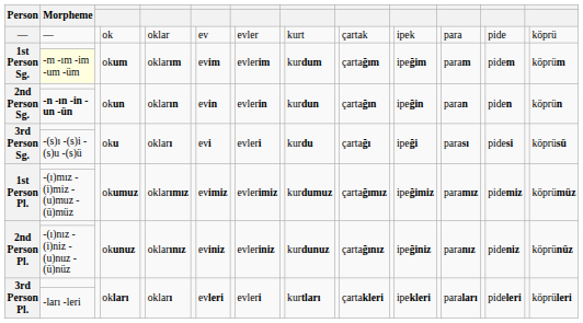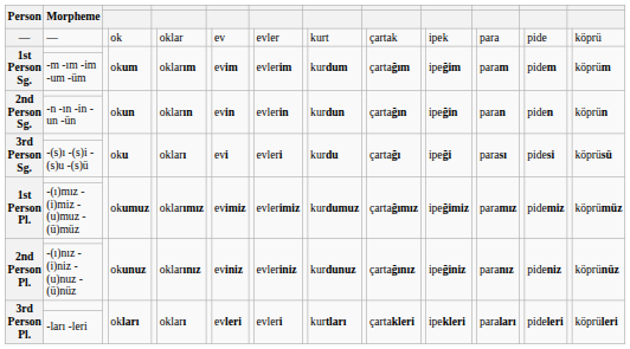 <table class="wikitable">
 <tr>
 <th rowspan=2>Person</th>
 <th rowspan=2>Morpheme</th>
 <th colspan=2></th>
 <th colspan=2></th>
 <th colspan=2></th>
 <th colspan=2></th>
 <th colspan=2></th>
 <th colspan=2></th>
 <th colspan=2></th>
 <th colspan=2></th>
 <th colspan=2></th>
 <th colspan=2></th>
 </tr>
 <tr>
 <th colspan=2><br></th>
 <th colspan=2><br></th>
 <th colspan=2><br></th>
 <th colspan=2><br></th>
 <th colspan=2><br></th>
 <th colspan=2><br></th>
 <th colspan=2><br></th>
 <th colspan=2><br></th>
 <th colspan=2><br></th>
 <th colspan=2><br></th>
 </tr>
 <tr>
 <th>—</th>
 <td>—</td>
 <td></td>
 <td>ok</td>
 <td></td>
 <td>oklar</td>
 <td></td>
 <td>ev</td>
 <td></td>
 <td>evler</td>
 <td></td>
 <td>kurt</td>
 <td></td>
 <td>çartak</td>
 <td></td>
 <td>ipek</td>
 <td></td>
 <td>para</td>
 <td></td>
 <td>pide</td>
 <td></td>
 <td>köprü</td>
 </tr>
 <tr>
 <th rowspan=2>1st Person Sg.</th>
 <td></td>
 <td rowspan=2></td>
 <td rowspan=2>ok<strong>um</strong></td>
 <td rowspan=2></td>
 <td rowspan=2>oklar<strong>ım</strong></td>
 <td rowspan=2></td>
 <td rowspan=2>ev<strong>im</strong></td>
 <td rowspan=2></td>
 <td rowspan=2>evler<strong>im</strong></td>
 <td rowspan=2></td>
 <td rowspan=2>kur<strong>dum</strong></td>
 <td rowspan=2></td>
 <td rowspan=2>çarta<strong>ğım</strong></td>
 <td rowspan=2></td>
 <td rowspan=2>ipe<strong>ğim</strong></td>
 <td rowspan=2></td>
 <td rowspan=2>para<strong>m</strong></td>
 <td rowspan=2></td>
 <td rowspan=2>pide<strong>m</strong></td>
 <td rowspan=2></td>
 <td rowspan=2>köprü<strong>m</strong></td>
 </tr>
 <tr>
-<td style="background: lightyellow;">-m -ım -im -um -üm</td>
+<td>-m -ım -im -um -üm</td>
 </tr>
 <tr>
 <th rowspan=2>2nd Person Sg.</th>
 <td></td>
 <td rowspan=2></td>
 <td rowspan=2>ok<strong>un</strong></td>
 <td rowspan=2></td>
 <td rowspan=2>oklar<strong>ın</strong></td>
 <td rowspan=2></td>
 <td rowspan=2>ev<strong>in</strong></td>
 <td rowspan=2></td>
 <td rowspan=2>evler<strong>in</strong></td>
 <td rowspan=2></td>
 <td rowspan=2>kur<strong>dun</strong></td>
 <td rowspan=2></td>
 <td rowspan=2>çarta<strong>ğın</strong></td>
 <td rowspan=2></td>
 <td rowspan=2>ipe<strong>ğin</strong></td>
 <td rowspan=2></td>
 <td rowspan=2>para<strong>n</strong></td>
 <td rowspan=2></td>
 <td rowspan=2>pide<strong>n</strong></td>
 <td rowspan=2></td>
 <td rowspan=2>köprü<strong>n</strong></td>
 </tr>
 <tr>
-<td><strong>-n -ın -in -un -ün</strong></td>
+<td>-n -ın -in -un -ün</td>
 </tr>
 <tr>
 <th rowspan=2>3rd Person Sg.</th>
 <td></td>
 <td rowspan=2></td>
 <td rowspan=2>ok<strong>u</strong></td>
 <td rowspan=2></td>
 <td rowspan=2>oklar<strong>ı</strong></td>
 <td rowspan=2></td>
 <td rowspan=2>ev<strong>i</strong></td>
 <td rowspan=2></td>
 <td rowspan=2>evler<strong>i</strong></td>
 <td rowspan=2></td>
 <td rowspan=2>kur<strong>du</strong></td>
 <td rowspan=2></td>
 <td rowspan=2>çarta<strong>ğı</strong></td>
 <td rowspan=2></td>
 <td rowspan=2>ipe<strong>ği</strong></td>
 <td rowspan=2></td>
 <td rowspan=2>para<strong>sı</strong></td>
 <td rowspan=2></td>
 <td rowspan=2>pide<strong>si</strong></td>
 <td rowspan=2></td>
 <td rowspan=2>köprü<strong>sü</strong></td>
 </tr>
 <tr>
 <td>-(s)ı -(s)i -(s)u -(s)ü</td>
 </tr>
 <tr>
 <th rowspan=2>1st Person Pl.</th>
 <td></td>
 <td rowspan=2></td>
 <td rowspan=2>ok<strong>umuz</strong></td>
 <td rowspan=2></td>
 <td rowspan=2>oklar<strong>ımız</strong></td>
 <td rowspan=2></td>
 <td rowspan=2>ev<strong>imiz</strong></td>
 <td rowspan=2></td>
 <td rowspan=2>evler<strong>imiz</strong></td>
 <td rowspan=2></td>
 <td rowspan=2>kur<strong>dumuz</strong></td>
 <td rowspan=2></td>
 <td rowspan=2>çarta<strong>ğımız</strong></td>
 <td rowspan=2></td>
 <td rowspan=2>ipe<strong>ğimiz</strong></td>
 <td rowspan=2></td>
 <td rowspan=2>para<strong>mız</strong></td>
 <td rowspan=2></td>
 <td rowspan=2>pide<strong>miz</strong></td>
 <td rowspan=2></td>
 <td rowspan=2>köprü<strong>müz</strong></td>
 </tr>
 <tr>
 <td>-(ı)mız -(i)miz -(u)muz -(ü)müz</td>
 </tr>
 <tr>
 <th rowspan=2>2nd Person Pl.</th>
 <td></td>
 <td rowspan=2></td>
 <td rowspan=2>ok<strong>unuz</strong></td>
 <td rowspan=2></td>
 <td rowspan=2>oklar<strong>ınız</strong></td>
 <td rowspan=2></td>
 <td rowspan=2>ev<strong>iniz</strong></td>
 <td rowspan=2></td>
 <td rowspan=2>evler<strong>iniz</strong></td>
 <td rowspan=2></td>
 <td rowspan=2>kur<strong>dunuz</strong></td>
 <td rowspan=2></td>
 <td rowspan=2>çarta<strong>ğınız</strong></td>
 <td rowspan=2></td>
 <td rowspan=2>ipe<strong>ğiniz</strong></td>
 <td rowspan=2></td>
 <td rowspan=2>para<strong>nız</strong></td>
 <td rowspan=2></td>
 <td rowspan=2>pide<strong>niz</strong></td>
 <td rowspan=2></td>
 <td rowspan=2>köprü<strong>nüz</strong></td>
 </tr>
 <tr>
 <td>-(ı)nız -(i)niz -(u)nuz -(ü)nüz</td>
 </tr>
 <tr>
 <th rowspan=2>3rd Person Pl.</th>
 <td></td>
 <td rowspan=2></td>
 <td rowspan=2>ok<strong>ları </strong></td>
 <td rowspan=2></td>
 <td rowspan=2>oklar<strong>ı</strong></td>
 <td rowspan=2></td>
 <td rowspan=2>ev<strong>leri</strong></td>
 <td rowspan=2></td>
 <td rowspan=2>evler<strong>i</strong></td>
 <td rowspan=2></td>
 <td rowspan=2>kur<strong>tları</strong></td>
 <td rowspan=2></td>
 <td rowspan=2>çarta<strong>kleri</strong></td>
 <td rowspan=2></td>
 <td rowspan=2>ipe<strong>kleri</strong></td>
 <td rowspan=2></td>
 <td rowspan=2>para<strong>ları</strong></td>
 <td rowspan=2></td>
 <td rowspan=2>pide<strong>leri</strong></td>
 <td rowspan=2></td>
 <td rowspan=2>köprü<strong>leri</strong></td>
 </tr>
 <tr>
 <td>-ları -leri</td>
 </tr>
 </table>
